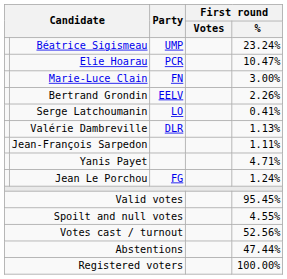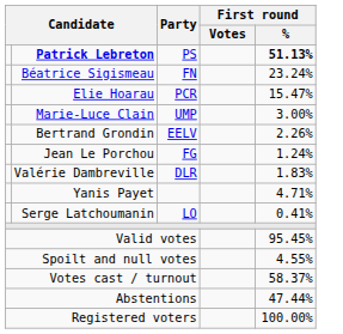 <table class="wikitable" style="text-align:right;font-size:95%;">
 <tr>
 <th rowspan=2 colspan=2>Candidate</th>
 <th rowspan=2 colspan=1>Party</th>
 <th colspan=2>First round</th>
 </tr>
 <tr>
 <th style="width:50px;">Votes</th>
 <th style="width:55px;">%</th>
 </tr>
 <tr>
 <td style="color:inherit;background-color:"></td>
+<td><strong><a href='#'>Patrick Lebreton</a></strong></td>
+<td><a href='#'>PS</a></td>
+<td><strong></strong></td>
+<td><strong>51.13%</strong></td>
+</tr>
+<tr>
+<td style="color:inherit;background-color:"></td>
 <td><a href='#'>Béatrice Sigismeau</a></td>
-<td><a href='#'>UMP</a></td>
+<td><a href='#'>FN</a></td>
 <td></td>
 <td>23.24%</td>
 </tr>
 <tr>
 <td style="color:inherit;background-color:"></td>
 <td><a href='#'>Elie Hoarau</a></td>
 <td><a href='#'>PCR</a></td>
 <td></td>
-<td>10.47%</td>
+<td>15.47%</td>
 </tr>
 <tr>
 <td style="color:inherit;background-color:"></td>
 <td><a href='#'>Marie-Luce Clain</a></td>
-<td><a href='#'>FN</a></td>
+<td><a href='#'>UMP</a></td>
 <td></td>
 <td>3.00%</td>
 </tr>
 <tr>
 <td style="color:inherit;background-color:"></td>
 <td>Bertrand Grondin</td>
 <td><a href='#'>EELV</a></td>
 <td></td>
 <td>2.26%</td>
 </tr>
 <tr>
 <td style="color:inherit;background-color:"></td>
-<td>Serge Latchoumanin</td>
-<td><a href='#'>LO</a></td>
+<td>Jean Le Porchou</td>
+<td><a href='#'>FG</a></td>
 <td></td>
-<td>0.41%</td>
+<td>1.24%</td>
 </tr>
 <tr>
 <td style="color:inherit;background-color:"></td>
 <td>Valérie Dambreville</td>
 <td><a href='#'>DLR</a></td>
 <td></td>
-<td>1.13%</td>
-</tr>
-<tr>
-<td style="background-color:;"></td>
-<td>Jean-François Sarpedon</td>
-<td></td>
-<td></td>
-<td>1.11%</td>
+<td>1.83%</td>
 </tr>
 <tr>
 <td style="background-color:;"></td>
 <td>Yanis Payet</td>
 <td></td>
 <td></td>
 <td>4.71%</td>
 </tr>
 <tr>
 <td style="color:inherit;background-color:"></td>
-<td>Jean Le Porchou</td>
-<td><a href='#'>FG</a></td>
+<td>Serge Latchoumanin</td>
+<td><a href='#'>LO</a></td>
 <td></td>
-<td>1.24%</td>
+<td>0.41%</td>
 </tr>
 <tr>
 <td colspan=5 style="background-color:#E9E9E9;"></td>
 </tr>
 <tr>
 <td colspan=3>Valid votes</td>
 <td></td>
 <td>95.45%</td>
 </tr>
 <tr>
 <td colspan=3>Spoilt and null votes</td>
 <td></td>
 <td>4.55%</td>
 </tr>
 <tr>
 <td colspan=3>Votes cast / turnout</td>
 <td></td>
-<td>52.56%</td>
+<td>58.37%</td>
 </tr>
 <tr>
 <td colspan=3>Abstentions</td>
 <td></td>
 <td>47.44%</td>
 </tr>
 <tr>
 <td colspan=3>Registered voters</td>
 <td></td>
 <td>100.00%</td>
 </tr>
 </table>
